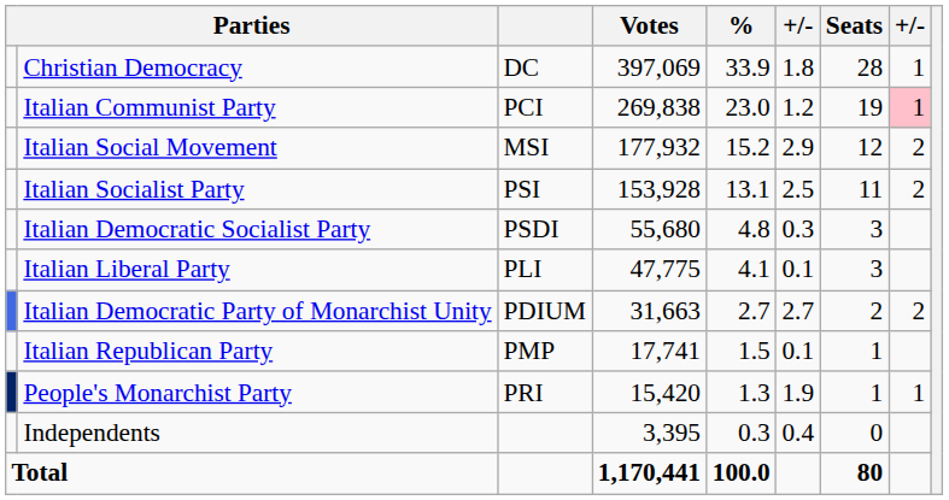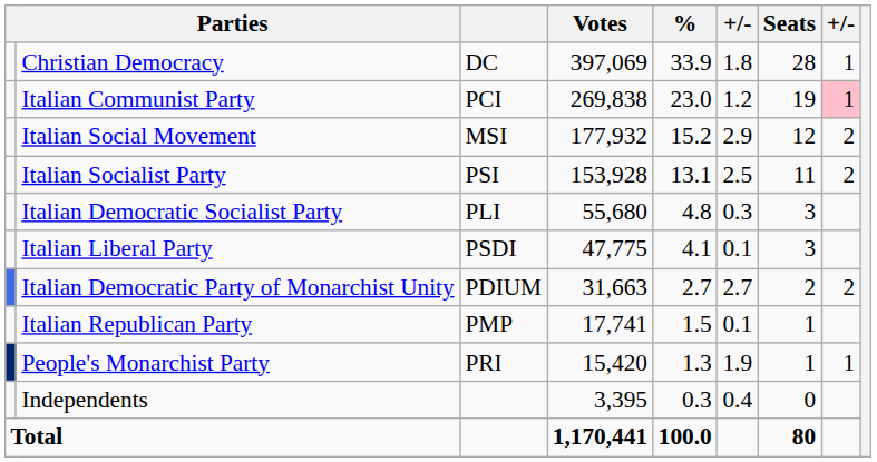 <table class="wikitable">
 <tr>
 <th colspan="2">Parties</th>
 <th></th>
 <th>Votes</th>
 <th>%</th>
 <th>+/-</th>
 <th>Seats</th>
 <th>+/-</th>
 <th rowspan="13"></th>
 </tr>
 <tr>
 <td style="background-color:"></td>
 <td><a href='#'>Christian Democracy</a></td>
 <td>DC</td>
 <td align=right>397,069</td>
 <td align=right>33.9</td>
 <td align=right> 1.8</td>
 <td align=right>28</td>
 <td align=right> 1</td>
 </tr>
 <tr>
 <td style="background-color:"></td>
 <td><a href='#'>Italian Communist Party</a></td>
 <td>PCI</td>
 <td align=right>269,838</td>
 <td align=right>23.0</td>
 <td align=right> 1.2</td>
 <td align=right>19</td>
 <td align=right style="background: pink;"> 1</td>
 </tr>
 <tr>
 <td style="background-color:"></td>
 <td><a href='#'>Italian Social Movement</a></td>
 <td>MSI</td>
 <td align=right>177,932</td>
 <td align=right>15.2</td>
 <td align=right> 2.9</td>
 <td align=right>12</td>
 <td align=right> 2</td>
 </tr>
 <tr>
 <td style="background-color:"></td>
 <td><a href='#'>Italian Socialist Party</a></td>
 <td>PSI</td>
 <td align=right>153,928</td>
 <td align=right>13.1</td>
 <td align=right> 2.5</td>
 <td align=right>11</td>
 <td align=right> 2</td>
 </tr>
 <tr>
 <td style="background-color:"></td>
 <td><a href='#'>Italian Democratic Socialist Party</a></td>
-<td>PSDI</td>
+<td>PLI</td>
 <td align=right>55,680</td>
 <td align=right>4.8</td>
 <td align=right> 0.3</td>
 <td align=right>3</td>
 <td align=right></td>
 </tr>
 <tr>
 <td style="background-color:"></td>
 <td><a href='#'>Italian Liberal Party</a></td>
-<td>PLI</td>
+<td>PSDI</td>
 <td align=right>47,775</td>
 <td align=right>4.1</td>
 <td align=right> 0.1</td>
 <td align=right>3</td>
 <td align=right></td>
 </tr>
 <tr>
 <td style="background-color:royalblue"></td>
 <td><a href='#'>Italian Democratic Party of Monarchist Unity</a></td>
 <td>PDIUM</td>
 <td align=right>31,663</td>
 <td align=right>2.7</td>
 <td align=right> 2.7</td>
 <td align=right>2</td>
 <td align=right> 2</td>
 </tr>
 <tr>
 <td style="background-color:"></td>
 <td><a href='#'>Italian Republican Party</a></td>
 <td>PMP</td>
 <td align=right>17,741</td>
 <td align=right>1.5</td>
 <td align=right> 0.1</td>
 <td align=right>1</td>
 <td align=right></td>
 </tr>
 <tr>
 <td style="background-color:#002366"></td>
 <td><a href='#'>People's Monarchist Party</a></td>
 <td>PRI</td>
 <td align=right>15,420</td>
 <td align=right>1.3</td>
 <td align=right> 1.9</td>
 <td align=right>1</td>
 <td align=right> 1</td>
 </tr>
 <tr>
 <td style="background-color:"></td>
 <td>Independents</td>
 <td></td>
 <td align=right>3,395</td>
 <td align=right>0.3</td>
 <td align=right> 0.4</td>
 <td align=right>0</td>
 <td align=right></td>
 </tr>
 <tr>
 <td colspan="2"><strong>Total</strong></td>
 <td></td>
 <td align=right><strong>1,170,441</strong></td>
 <td align=right><strong>100.0</strong></td>
 <td></td>
 <td align=right><strong>80</strong></td>
 <td></td>
 </tr>
 </table>
